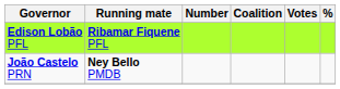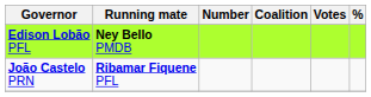 <table class="wikitable">
 <tr>
 <th>Governor</th>
 <th>Running mate</th>
 <th>Number</th>
 <th>Coalition</th>
 <th>Votes</th>
 <th>%</th>
 </tr>
 <tr style="background-color: #adff2f">
 <td><strong><a href='#'>Edison Lobão</a></strong><br><a href='#'>PFL</a></td>
-<td><strong><a href='#'>Ribamar Fiquene</a></strong><br><a href='#'>PFL</a></td>
+<td><strong>Ney Bello</strong><br><a href='#'>PMDB</a></td>
 <td></td>
 <td></td>
 <td></td>
 <td></td>
 </tr>
 <tr>
 <td><strong><a href='#'>João Castelo</a></strong><br><a href='#'>PRN</a></td>
-<td><strong>Ney Bello</strong><br><a href='#'>PMDB</a></td>
+<td><strong><a href='#'>Ribamar Fiquene</a></strong><br><a href='#'>PFL</a></td>
 <td></td>
 <td></td>
 <td></td>
 <td></td>
 </tr>
 <tr>
 </tr>
 </table>
